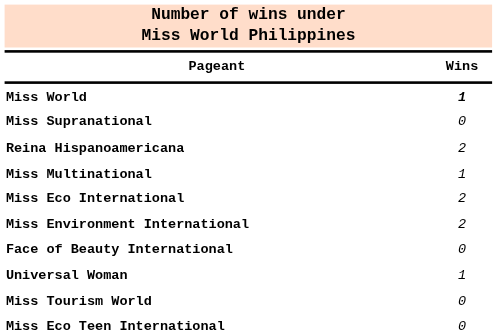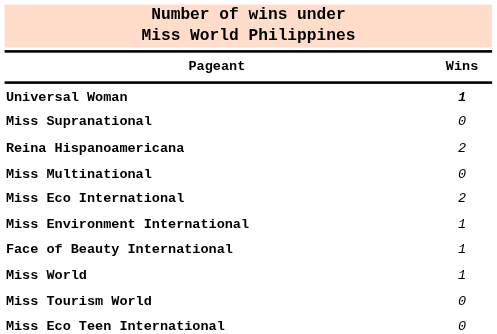 <table class="toccolours" style="width: 20em; font-size:80%; line-height:1.5em; width:30%;">
 <tr>
 <th colspan="2" align="center" style="background:#FFDDCA;"><big>Number of wins under<br>Miss World Philippines</big></th>
 </tr>
 <tr>
 <td colspan="2" style="background:black"></td>
 </tr>
 <tr>
 <th scope="col">Pageant</th>
 <th scope="col">Wins</th>
 </tr>
 <tr>
 <td colspan="2" style="background:black"></td>
 </tr>
 <tr>
-<td align="left"><strong>Miss World</strong></td>
+<td align="left"><strong>Universal Woman</strong></td>
 <td align="center"><strong><em>1</em></strong></td>
 </tr>
 <tr>
 <td align="left"><strong>Miss Supranational</strong></td>
 <td align="center"><em>0</em></td>
 </tr>
 <tr>
 <td align="left"><strong>Reina Hispanoamericana</strong></td>
 <td align="center"><em>2</em></td>
 </tr>
 <tr>
 <td align="left"><strong>Miss Multinational</strong></td>
-<td align="center"><em>1</em></td>
+<td align="center"><em>0</em></td>
 </tr>
 <tr>
 <td align="left"><strong>Miss Eco International</strong></td>
 <td align="center"><em>2</em></td>
 </tr>
 <tr>
 <td align="left"><strong>Miss Environment International</strong></td>
-<td align="center"><em>2</em></td>
+<td align="center"><em>1</em></td>
 </tr>
 <tr>
 <td align="left"><strong>Face of Beauty International</strong></td>
-<td align="center"><em>0</em></td>
+<td align="center"><em>1</em></td>
 </tr>
 <tr>
-<td align="left"><strong>Universal Woman</strong></td>
+<td align="left"><strong>Miss World</strong></td>
 <td align="center"><em>1</em></td>
 </tr>
 <tr>
 <td align="left"><strong>Miss Tourism World</strong></td>
 <td align="center"><em>0</em></td>
 </tr>
 <tr>
 <td align="left"><strong>Miss Eco Teen International</strong></td>
 <td align="center"><em>0</em></td>
 </tr>
 <tr>
 </tr>
 </table>
